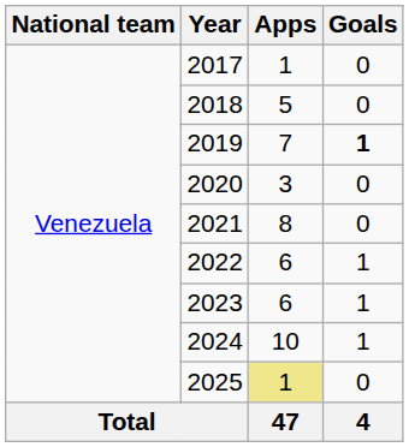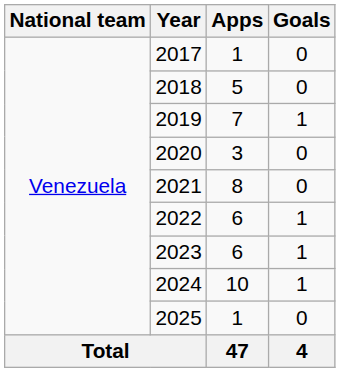 <table class="wikitable" style="text-align:center">
 <tr>
 <th>National team</th>
 <th>Year</th>
 <th>Apps</th>
 <th>Goals</th>
 </tr>
 <tr>
 <td rowspan="9"><a href='#'>Venezuela</a></td>
 <td>2017</td>
 <td>1</td>
 <td>0</td>
 </tr>
 <tr>
 <td>2018</td>
 <td>5</td>
 <td>0</td>
 </tr>
 <tr>
 <td>2019</td>
 <td>7</td>
-<td><strong>1</strong></td>
+<td>1</td>
 </tr>
 <tr>
 <td>2020</td>
 <td>3</td>
 <td>0</td>
 </tr>
 <tr>
 <td>2021</td>
 <td>8</td>
 <td>0</td>
 </tr>
 <tr>
 <td>2022</td>
 <td>6</td>
 <td>1</td>
 </tr>
 <tr>
 <td>2023</td>
 <td>6</td>
 <td>1</td>
 </tr>
 <tr>
 <td>2024</td>
 <td>10</td>
 <td>1</td>
 </tr>
 <tr>
 <td>2025</td>
-<td style="background: khaki;">1</td>
+<td>1</td>
 <td>0</td>
 </tr>
 <tr>
 <th colspan="2">Total</th>
 <th>47</th>
 <th>4</th>
 </tr>
 </table>
